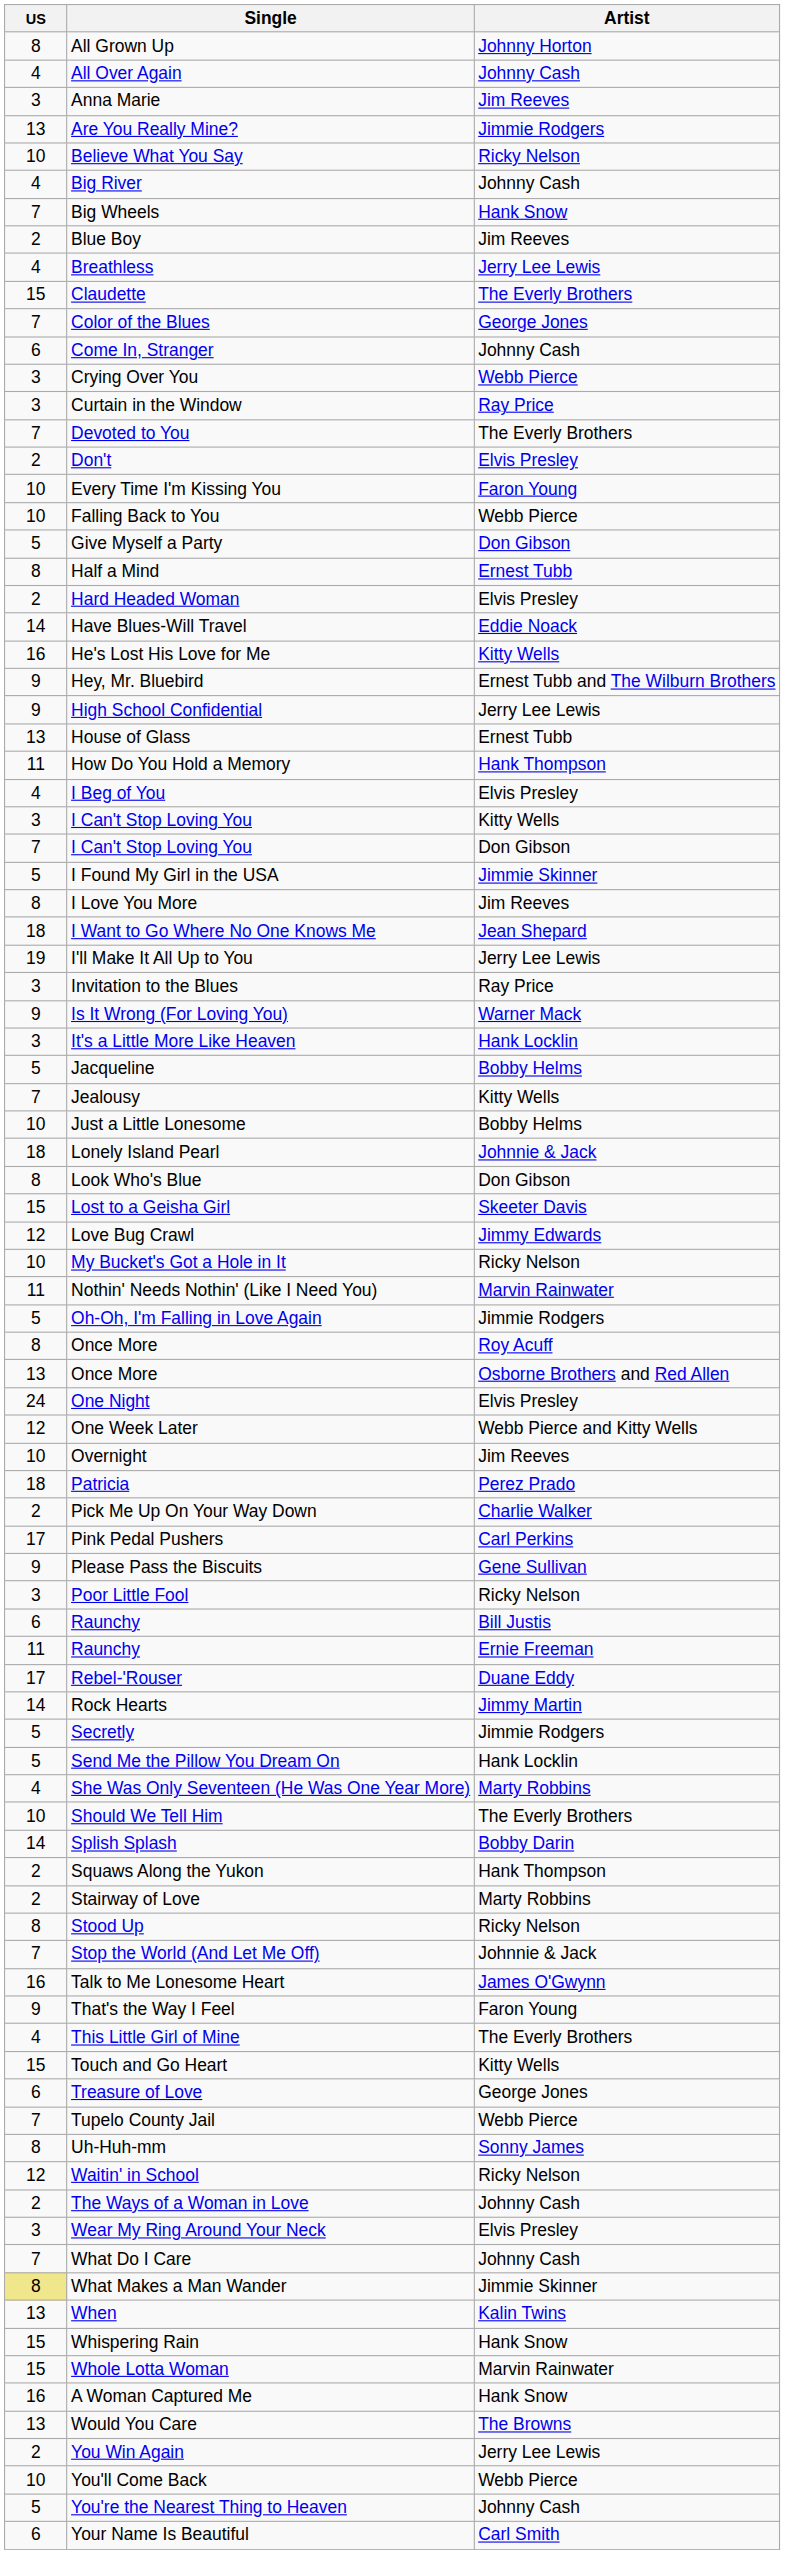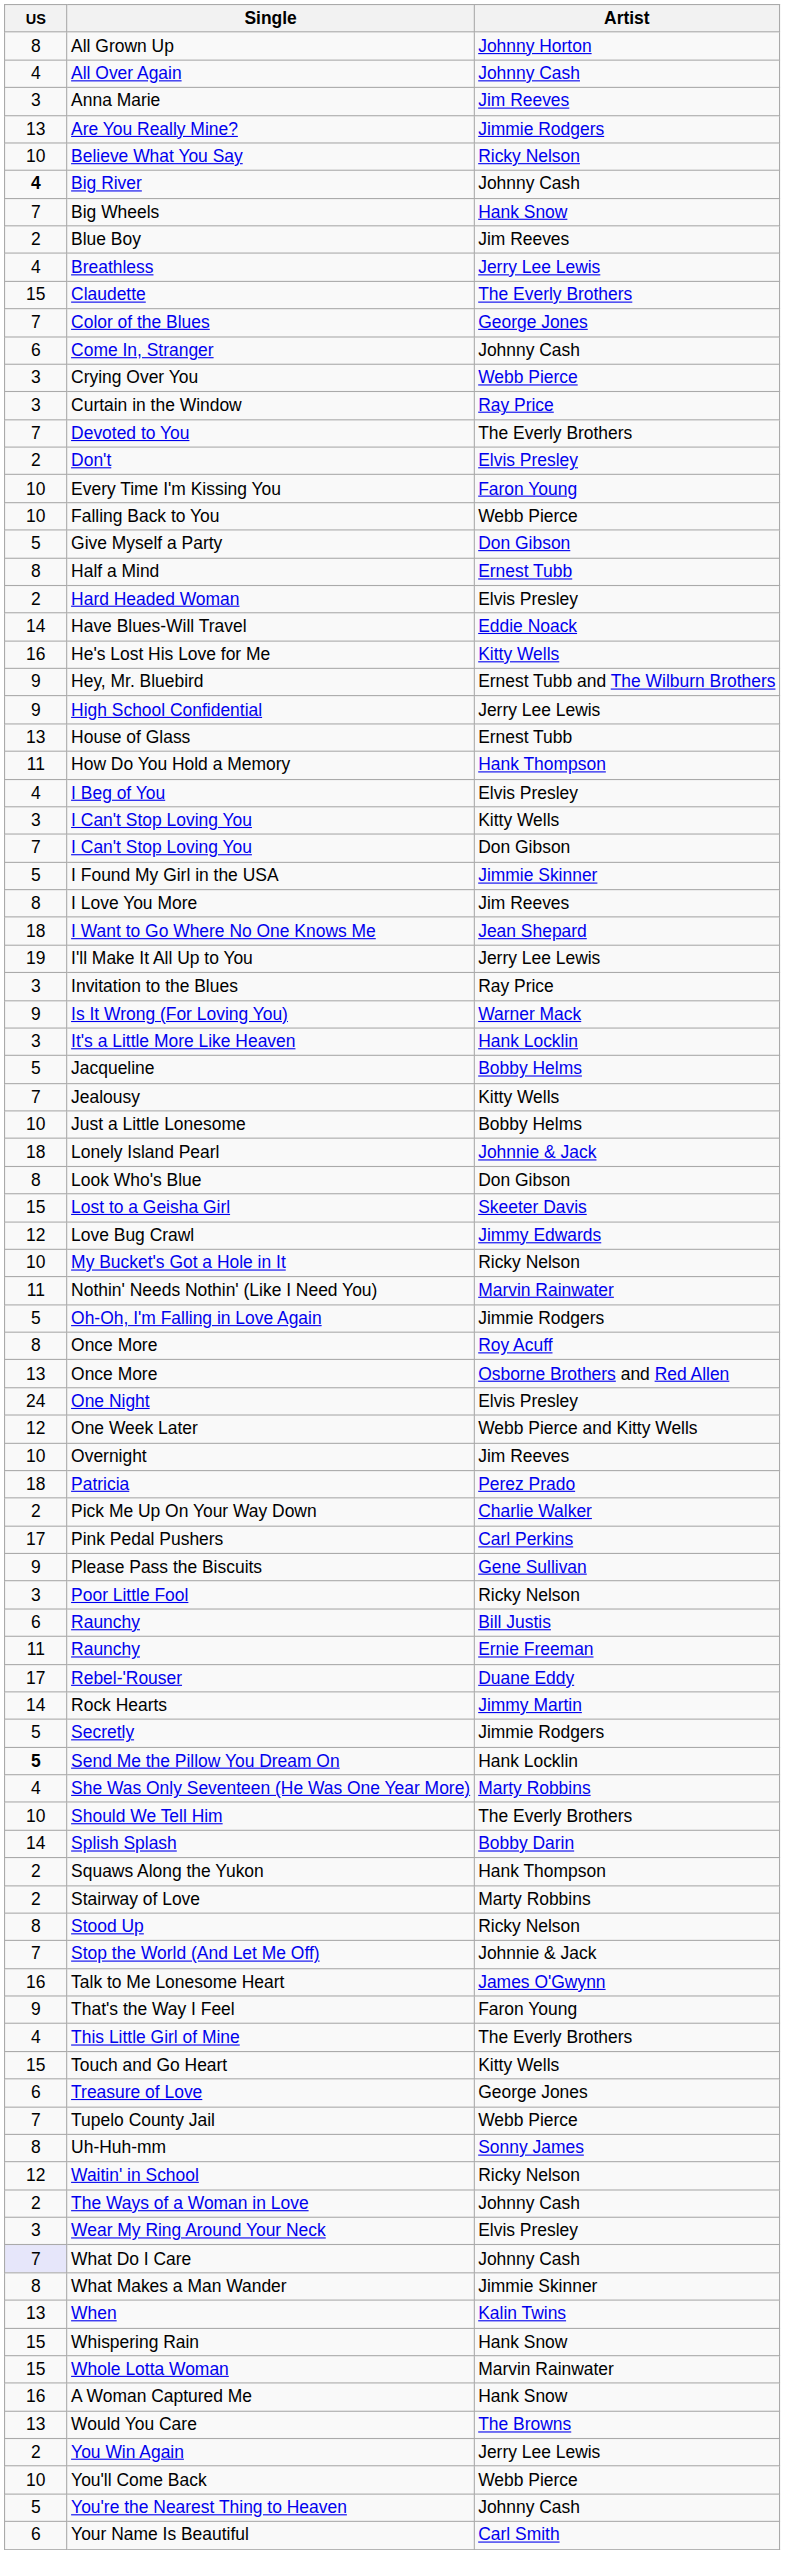 <table class="wikitable sortable">
 <tr>
 <th width="50"><small>US</small></th>
 <th>Single</th>
 <th>Artist</th>
 </tr>
 <tr>
 <td align="center">8</td>
 <td>All Grown Up</td>
 <td><a href='#'>Johnny Horton</a></td>
 </tr>
 <tr>
 <td align="center">4</td>
 <td><a href='#'>All Over Again</a></td>
 <td><a href='#'>Johnny Cash</a></td>
 </tr>
 <tr>
 <td align="center">3</td>
 <td>Anna Marie</td>
 <td><a href='#'>Jim Reeves</a></td>
 </tr>
 <tr>
 <td align="center">13</td>
 <td><a href='#'>Are You Really Mine?</a></td>
 <td><a href='#'>Jimmie Rodgers</a></td>
 </tr>
 <tr>
 <td align="center">10</td>
 <td><a href='#'>Believe What You Say</a></td>
 <td><a href='#'>Ricky Nelson</a></td>
 </tr>
 <tr>
-<td align="center">4</td>
+<td align="center"><strong>4</strong></td>
 <td><a href='#'>Big River</a></td>
 <td>Johnny Cash</td>
 </tr>
 <tr>
 <td align="center">7</td>
 <td>Big Wheels</td>
 <td><a href='#'>Hank Snow</a></td>
 </tr>
 <tr>
 <td align="center">2</td>
 <td>Blue Boy</td>
 <td>Jim Reeves</td>
 </tr>
 <tr>
 <td align="center">4</td>
 <td><a href='#'>Breathless</a></td>
 <td><a href='#'>Jerry Lee Lewis</a></td>
 </tr>
 <tr>
 <td align="center">15</td>
 <td><a href='#'>Claudette</a></td>
 <td><a href='#'>The Everly Brothers</a></td>
 </tr>
 <tr>
 <td align="center">7</td>
 <td><a href='#'>Color of the Blues</a></td>
 <td><a href='#'>George Jones</a></td>
 </tr>
 <tr>
 <td align="center">6</td>
 <td><a href='#'>Come In, Stranger</a></td>
 <td>Johnny Cash</td>
 </tr>
 <tr>
 <td align="center">3</td>
 <td>Crying Over You</td>
 <td><a href='#'>Webb Pierce</a></td>
 </tr>
 <tr>
 <td align="center">3</td>
 <td>Curtain in the Window</td>
 <td><a href='#'>Ray Price</a></td>
 </tr>
 <tr>
 <td align="center">7</td>
 <td><a href='#'>Devoted to You</a></td>
 <td>The Everly Brothers</td>
 </tr>
 <tr>
 <td align="center">2</td>
 <td><a href='#'>Don't</a></td>
 <td><a href='#'>Elvis Presley</a></td>
 </tr>
 <tr>
 <td align="center">10</td>
 <td>Every Time I'm Kissing You</td>
 <td><a href='#'>Faron Young</a></td>
 </tr>
 <tr>
 <td align="center">10</td>
 <td>Falling Back to You</td>
 <td>Webb Pierce</td>
 </tr>
 <tr>
 <td align="center">5</td>
 <td>Give Myself a Party</td>
 <td><a href='#'>Don Gibson</a></td>
 </tr>
 <tr>
 <td align="center">8</td>
 <td>Half a Mind</td>
 <td><a href='#'>Ernest Tubb</a></td>
 </tr>
 <tr>
 <td align="center">2</td>
 <td><a href='#'>Hard Headed Woman</a></td>
 <td>Elvis Presley</td>
 </tr>
 <tr>
 <td align="center">14</td>
 <td>Have Blues-Will Travel</td>
 <td><a href='#'>Eddie Noack</a></td>
 </tr>
 <tr>
 <td align="center">16</td>
 <td>He's Lost His Love for Me</td>
 <td><a href='#'>Kitty Wells</a></td>
 </tr>
 <tr>
 <td align="center">9</td>
 <td>Hey, Mr. Bluebird</td>
 <td>Ernest Tubb and <a href='#'>The Wilburn Brothers</a></td>
 </tr>
 <tr>
 <td align="center">9</td>
 <td><a href='#'>High School Confidential</a></td>
 <td>Jerry Lee Lewis</td>
 </tr>
 <tr>
 <td align="center">13</td>
 <td>House of Glass</td>
 <td>Ernest Tubb</td>
 </tr>
 <tr>
 <td align="center">11</td>
 <td>How Do You Hold a Memory</td>
 <td><a href='#'>Hank Thompson</a></td>
 </tr>
 <tr>
 <td align="center">4</td>
 <td><a href='#'>I Beg of You</a></td>
 <td>Elvis Presley</td>
 </tr>
 <tr>
 <td align="center">3</td>
 <td><a href='#'>I Can't Stop Loving You</a></td>
 <td>Kitty Wells</td>
 </tr>
 <tr>
 <td align="center">7</td>
 <td><a href='#'>I Can't Stop Loving You</a></td>
 <td>Don Gibson</td>
 </tr>
 <tr>
 <td align="center">5</td>
 <td>I Found My Girl in the USA</td>
 <td><a href='#'>Jimmie Skinner</a></td>
 </tr>
 <tr>
 <td align="center">8</td>
 <td>I Love You More</td>
 <td>Jim Reeves</td>
 </tr>
 <tr>
 <td align="center">18</td>
 <td><a href='#'>I Want to Go Where No One Knows Me</a></td>
 <td><a href='#'>Jean Shepard</a></td>
 </tr>
 <tr>
 <td align="center">19</td>
 <td>I'll Make It All Up to You</td>
 <td>Jerry Lee Lewis</td>
 </tr>
 <tr>
 <td align="center">3</td>
 <td>Invitation to the Blues</td>
 <td>Ray Price</td>
 </tr>
 <tr>
 <td align="center">9</td>
 <td><a href='#'>Is It Wrong (For Loving You)</a></td>
 <td><a href='#'>Warner Mack</a></td>
 </tr>
 <tr>
 <td align="center">3</td>
 <td><a href='#'>It's a Little More Like Heaven</a></td>
 <td><a href='#'>Hank Locklin</a></td>
 </tr>
 <tr>
 <td align="center">5</td>
 <td>Jacqueline</td>
 <td><a href='#'>Bobby Helms</a></td>
 </tr>
 <tr>
 <td align="center">7</td>
 <td>Jealousy</td>
 <td>Kitty Wells</td>
 </tr>
 <tr>
 <td align="center">10</td>
 <td>Just a Little Lonesome</td>
 <td>Bobby Helms</td>
 </tr>
 <tr>
 <td align="center">18</td>
 <td>Lonely Island Pearl</td>
 <td><a href='#'>Johnnie & Jack</a></td>
 </tr>
 <tr>
 <td align="center">8</td>
 <td>Look Who's Blue</td>
 <td>Don Gibson</td>
 </tr>
 <tr>
 <td align="center">15</td>
 <td><a href='#'>Lost to a Geisha Girl</a></td>
 <td><a href='#'>Skeeter Davis</a></td>
 </tr>
 <tr>
 <td align="center">12</td>
 <td>Love Bug Crawl</td>
 <td><a href='#'>Jimmy Edwards</a></td>
 </tr>
 <tr>
 <td align="center">10</td>
 <td><a href='#'>My Bucket's Got a Hole in It</a></td>
 <td>Ricky Nelson</td>
 </tr>
 <tr>
 <td align="center">11</td>
 <td>Nothin' Needs Nothin' (Like I Need You)</td>
 <td><a href='#'>Marvin Rainwater</a></td>
 </tr>
 <tr>
 <td align="center">5</td>
 <td><a href='#'>Oh-Oh, I'm Falling in Love Again</a></td>
 <td>Jimmie Rodgers</td>
 </tr>
 <tr>
 <td align="center">8</td>
 <td>Once More</td>
 <td><a href='#'>Roy Acuff</a></td>
 </tr>
 <tr>
 <td align="center">13</td>
 <td>Once More</td>
 <td><a href='#'>Osborne Brothers</a> and <a href='#'>Red Allen</a></td>
 </tr>
 <tr>
 <td align="center">24</td>
 <td><a href='#'>One Night</a></td>
 <td>Elvis Presley</td>
 </tr>
 <tr>
 <td align="center">12</td>
 <td>One Week Later</td>
 <td>Webb Pierce and Kitty Wells</td>
 </tr>
 <tr>
 <td align="center">10</td>
 <td>Overnight</td>
 <td>Jim Reeves</td>
 </tr>
 <tr>
 <td align="center">18</td>
 <td><a href='#'>Patricia</a></td>
 <td><a href='#'>Perez Prado</a></td>
 </tr>
 <tr>
 <td align="center">2</td>
 <td>Pick Me Up On Your Way Down</td>
 <td><a href='#'>Charlie Walker</a></td>
 </tr>
 <tr>
 <td align="center">17</td>
 <td>Pink Pedal Pushers</td>
 <td><a href='#'>Carl Perkins</a></td>
 </tr>
 <tr>
 <td align="center">9</td>
 <td>Please Pass the Biscuits</td>
 <td><a href='#'>Gene Sullivan</a></td>
 </tr>
 <tr>
 <td align="center">3</td>
 <td><a href='#'>Poor Little Fool</a></td>
 <td>Ricky Nelson</td>
 </tr>
 <tr>
 <td align="center">6</td>
 <td><a href='#'>Raunchy</a></td>
 <td><a href='#'>Bill Justis</a></td>
 </tr>
 <tr>
 <td align="center">11</td>
 <td><a href='#'>Raunchy</a></td>
 <td><a href='#'>Ernie Freeman</a></td>
 </tr>
 <tr>
 <td align="center">17</td>
 <td><a href='#'>Rebel-'Rouser</a></td>
 <td><a href='#'>Duane Eddy</a></td>
 </tr>
 <tr>
 <td align="center">14</td>
 <td>Rock Hearts</td>
 <td><a href='#'>Jimmy Martin</a></td>
 </tr>
 <tr>
 <td align="center">5</td>
 <td><a href='#'>Secretly</a></td>
 <td>Jimmie Rodgers</td>
 </tr>
 <tr>
-<td align="center">5</td>
+<td align="center"><strong>5</strong></td>
 <td><a href='#'>Send Me the Pillow You Dream On</a></td>
 <td>Hank Locklin</td>
 </tr>
 <tr>
 <td align="center">4</td>
 <td><a href='#'>She Was Only Seventeen (He Was One Year More)</a></td>
 <td><a href='#'>Marty Robbins</a></td>
 </tr>
 <tr>
 <td align="center">10</td>
 <td><a href='#'>Should We Tell Him</a></td>
 <td>The Everly Brothers</td>
 </tr>
 <tr>
 <td align="center">14</td>
 <td><a href='#'>Splish Splash</a></td>
 <td><a href='#'>Bobby Darin</a></td>
 </tr>
 <tr>
 <td align="center">2</td>
 <td>Squaws Along the Yukon</td>
 <td>Hank Thompson</td>
 </tr>
 <tr>
 <td align="center">2</td>
 <td>Stairway of Love</td>
 <td>Marty Robbins</td>
 </tr>
 <tr>
 <td align="center">8</td>
 <td><a href='#'>Stood Up</a></td>
 <td>Ricky Nelson</td>
 </tr>
 <tr>
 <td align="center">7</td>
 <td><a href='#'>Stop the World (And Let Me Off)</a></td>
 <td>Johnnie & Jack</td>
 </tr>
 <tr>
 <td align="center">16</td>
 <td>Talk to Me Lonesome Heart</td>
 <td><a href='#'>James O'Gwynn</a></td>
 </tr>
 <tr>
 <td align="center">9</td>
 <td>That's the Way I Feel</td>
 <td>Faron Young</td>
 </tr>
 <tr>
 <td align="center">4</td>
 <td><a href='#'>This Little Girl of Mine</a></td>
 <td>The Everly Brothers</td>
 </tr>
 <tr>
 <td align="center">15</td>
 <td>Touch and Go Heart</td>
 <td>Kitty Wells</td>
 </tr>
 <tr>
 <td align="center">6</td>
 <td><a href='#'>Treasure of Love</a></td>
 <td>George Jones</td>
 </tr>
 <tr>
 <td align="center">7</td>
 <td>Tupelo County Jail</td>
 <td>Webb Pierce</td>
 </tr>
 <tr>
 <td align="center">8</td>
 <td>Uh-Huh-mm</td>
 <td><a href='#'>Sonny James</a></td>
 </tr>
 <tr>
 <td align="center">12</td>
 <td><a href='#'>Waitin' in School</a></td>
 <td>Ricky Nelson</td>
 </tr>
 <tr>
 <td align="center">2</td>
 <td><a href='#'>The Ways of a Woman in Love</a></td>
 <td>Johnny Cash</td>
 </tr>
 <tr>
 <td align="center">3</td>
 <td><a href='#'>Wear My Ring Around Your Neck</a></td>
 <td>Elvis Presley</td>
 </tr>
 <tr>
-<td align="center">7</td>
+<td align="center" style="background: lavender;">7</td>
 <td>What Do I Care</td>
 <td>Johnny Cash</td>
 </tr>
 <tr>
-<td align="center" style="background: khaki;">8</td>
+<td align="center">8</td>
 <td>What Makes a Man Wander</td>
 <td>Jimmie Skinner</td>
 </tr>
 <tr>
 <td align="center">13</td>
 <td><a href='#'>When</a></td>
 <td><a href='#'>Kalin Twins</a></td>
 </tr>
 <tr>
 <td align="center">15</td>
 <td>Whispering Rain</td>
 <td>Hank Snow</td>
 </tr>
 <tr>
 <td align="center">15</td>
 <td><a href='#'>Whole Lotta Woman</a></td>
 <td>Marvin Rainwater</td>
 </tr>
 <tr>
 <td align="center">16</td>
 <td>A Woman Captured Me</td>
 <td>Hank Snow</td>
 </tr>
 <tr>
 <td align="center">13</td>
 <td>Would You Care</td>
 <td><a href='#'>The Browns</a></td>
 </tr>
 <tr>
 <td align="center">2</td>
 <td><a href='#'>You Win Again</a></td>
 <td>Jerry Lee Lewis</td>
 </tr>
 <tr>
 <td align="center">10</td>
 <td>You'll Come Back</td>
 <td>Webb Pierce</td>
 </tr>
 <tr>
 <td align="center">5</td>
 <td><a href='#'>You're the Nearest Thing to Heaven</a></td>
 <td>Johnny Cash</td>
 </tr>
 <tr>
 <td align="center">6</td>
 <td>Your Name Is Beautiful</td>
 <td><a href='#'>Carl Smith</a></td>
 </tr>
 </table>
